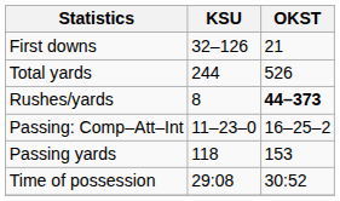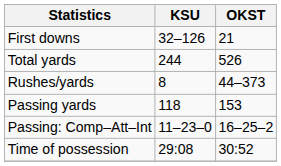 <table class="wikitable" style="float: left;">
 <tr>
 <th>Statistics</th>
 <th>KSU</th>
 <th>OKST</th>
 </tr>
 <tr>
 <td>First downs</td>
 <td>32–126</td>
 <td>21</td>
 </tr>
 <tr>
 <td>Total yards</td>
 <td>244</td>
 <td>526</td>
 </tr>
 <tr>
 <td>Rushes/yards</td>
 <td>8</td>
-<td><strong>44–373</strong></td>
+<td>44–373</td>
+</tr>
+<tr>
+<td>Passing yards</td>
+<td>118</td>
+<td>153</td>
 </tr>
 <tr>
 <td>Passing: Comp–Att–Int</td>
 <td>11–23–0</td>
 <td>16–25–2</td>
-</tr>
-<tr>
-<td>Passing yards</td>
-<td>118</td>
-<td>153</td>
 </tr>
 <tr>
 <td>Time of possession</td>
 <td>29:08</td>
 <td>30:52</td>
 </tr>
 <tr>
 </tr>
 </table>
